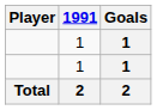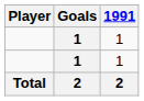 <table class="wikitable sortable" style="text-align:center;">
 <tr>
 <th>Player</th>
+<th>Goals</th>
 <th><a href='#'>1991</a></th>
-<th>Goals</th>
 </tr>
 <tr>
 <td align="left"></td>
+<th>1</th>
 <td>1</td>
-<th>1</th>
 </tr>
 <tr>
 <td align="left"></td>
+<th>1</th>
 <td>1</td>
-<th>1</th>
 </tr>
 <tr class="sortbottom">
 <th>Total</th>
 <th>2</th>
 <th>2</th>
 </tr>
 </table>
